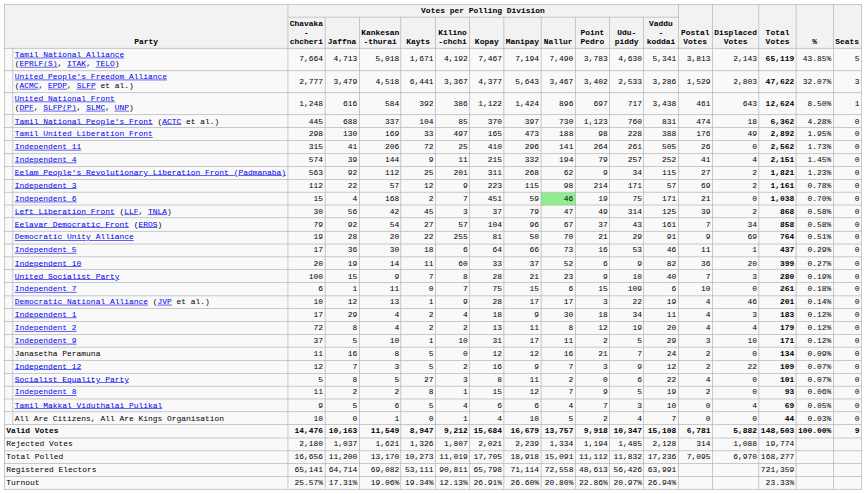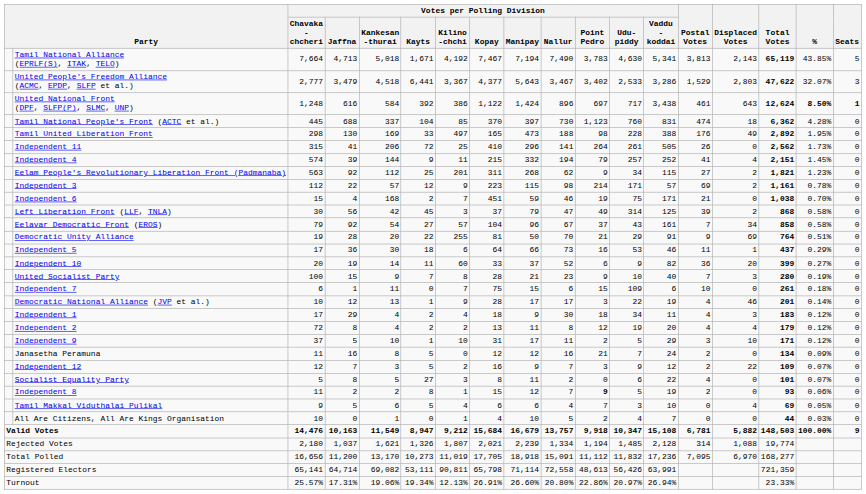 <table class="wikitable" border="1" style="text-align:right;">
 <tr>
 <th align=left valign=bottom rowspan=2 colspan=2>Party</th>
 <th colspan=11>Votes per Polling Division</th>
 <th align=center valign=bottom rowspan=2 width="50">Postal<br>Votes</th>
 <th align=center valign=bottom rowspan=2 width="50">Displaced<br>Votes</th>
 <th align=center valign=bottom rowspan=2 width="50">Total Votes</th>
 <th align=center valign=bottom rowspan=2 width="50">%</th>
 <th align=center valign=bottom rowspan=2 width="40">Seats</th>
 </tr>
 <tr>
 <th align=center valign=bottom width="50">Chavaka<br>-chcheri</th>
 <th align=center valign=bottom width="50">Jaffna</th>
 <th align=center valign=bottom width="50">Kankesan<br>-thurai</th>
 <th align=center valign=bottom width="50">Kayts</th>
 <th align=center valign=bottom width="50">Kilino<br>-chchi</th>
 <th align=center valign=bottom width="50">Kopay</th>
 <th align=center valign=bottom width="50">Manipay</th>
 <th align=center valign=bottom width="50">Nallur</th>
 <th align=center valign=bottom width="50">Point<br>Pedro</th>
 <th align=center valign=bottom width="50">Udu-<br>piddy</th>
 <th align=center valign=bottom width="50">Vaddu<br>-koddai</th>
 </tr>
 <tr>
 <td bgcolor=> </td>
 <td align=left><a href='#'>Tamil National Alliance</a><br>(<a href='#'>EPRLF(S)</a>, <a href='#'>ITAK</a>, <a href='#'>TELO</a>)</td>
 <td>7,664</td>
 <td>4,713</td>
 <td>5,018</td>
 <td>1,671</td>
 <td>4,192</td>
 <td>7,467</td>
 <td>7,194</td>
 <td>7,490</td>
 <td>3,783</td>
 <td>4,630</td>
 <td>5,341</td>
 <td>3,813</td>
 <td>2,143</td>
 <td><strong>65,119</strong></td>
 <td>43.85%</td>
 <td>5</td>
 </tr>
 <tr>
 <td bgcolor=> </td>
 <td align=left><a href='#'>United People's Freedom Alliance</a><br>(<a href='#'>ACMC</a>, <a href='#'>EPDP</a>, <a href='#'>SLFP</a> et al.)</td>
 <td>2,777</td>
 <td>3,479</td>
 <td>4,518</td>
 <td>6,441</td>
 <td>3,367</td>
 <td>4,377</td>
 <td>5,643</td>
 <td>3,467</td>
 <td>3,402</td>
 <td>2,533</td>
 <td>3,286</td>
 <td>1,529</td>
 <td>2,803</td>
 <td><strong>47,622</strong></td>
 <td>32.07%</td>
 <td>3</td>
 </tr>
 <tr>
 <td bgcolor=> </td>
 <td align=left><a href='#'>United National Front</a><br>(<a href='#'>DPF</a>, <a href='#'>SLFP(P)</a>, <a href='#'>SLMC</a>, <a href='#'>UNP</a>)</td>
 <td>1,248</td>
 <td>616</td>
 <td>584</td>
 <td>392</td>
 <td>386</td>
 <td>1,122</td>
 <td>1,424</td>
 <td>896</td>
 <td>697</td>
 <td>717</td>
 <td>3,438</td>
 <td>461</td>
 <td>643</td>
 <td><strong>12,624</strong></td>
-<td>8.50%</td>
-<td>1</td>
+<td><strong>8.50%</strong></td>
+<td><strong>1</strong></td>
 </tr>
 <tr>
 <td></td>
 <td align=left><a href='#'>Tamil National People's Front</a> (<a href='#'>ACTC</a> et al.)</td>
 <td>445</td>
 <td>688</td>
 <td>337</td>
 <td>104</td>
 <td>85</td>
 <td>370</td>
 <td>397</td>
 <td>730</td>
 <td>1,123</td>
 <td>760</td>
 <td>831</td>
 <td>474</td>
 <td>18</td>
 <td><strong>6,362</strong></td>
 <td>4.28%</td>
 <td>0</td>
 </tr>
 <tr>
 <td bgcolor=> </td>
 <td align=left><a href='#'>Tamil United Liberation Front</a></td>
 <td>298</td>
 <td>130</td>
 <td>169</td>
 <td>33</td>
 <td>497</td>
 <td>165</td>
 <td>473</td>
 <td>188</td>
 <td>98</td>
 <td>228</td>
 <td>388</td>
 <td>176</td>
 <td>49</td>
 <td><strong>2,892</strong></td>
 <td>1.95%</td>
 <td>0</td>
 </tr>
 <tr>
 <td bgcolor=> </td>
 <td align=left><a href='#'>Independent 11</a></td>
 <td>315</td>
 <td>41</td>
 <td>206</td>
 <td>72</td>
 <td>25</td>
 <td>410</td>
 <td>296</td>
 <td>141</td>
 <td>264</td>
 <td>261</td>
 <td>505</td>
 <td>26</td>
 <td>0</td>
 <td><strong>2,562</strong></td>
 <td>1.73%</td>
 <td>0</td>
 </tr>
 <tr>
 <td bgcolor=> </td>
 <td align=left><a href='#'>Independent 4</a></td>
 <td>574</td>
 <td>39</td>
 <td>144</td>
 <td>9</td>
 <td>11</td>
 <td>215</td>
 <td>332</td>
 <td>194</td>
 <td>79</td>
 <td>257</td>
 <td>252</td>
 <td>41</td>
 <td>4</td>
 <td><strong>2,151</strong></td>
 <td>1.45%</td>
 <td>0</td>
 </tr>
 <tr>
 <td></td>
 <td align=left><a href='#'>Eelam People's Revolutionary Liberation Front (Padmanaba)</a></td>
 <td>563</td>
 <td>92</td>
 <td>112</td>
 <td>25</td>
 <td>201</td>
 <td>311</td>
 <td>268</td>
 <td>62</td>
 <td>9</td>
 <td>34</td>
 <td>115</td>
 <td>27</td>
 <td>2</td>
 <td><strong>1,821</strong></td>
 <td>1.23%</td>
 <td>0</td>
 </tr>
 <tr>
 <td bgcolor=> </td>
 <td align=left><a href='#'>Independent 3</a></td>
 <td>112</td>
 <td>22</td>
 <td>57</td>
 <td>12</td>
 <td>9</td>
 <td>223</td>
 <td>115</td>
 <td>98</td>
 <td>214</td>
 <td>171</td>
 <td>57</td>
 <td>69</td>
 <td>2</td>
 <td><strong>1,161</strong></td>
 <td>0.78%</td>
 <td>0</td>
 </tr>
 <tr>
 <td bgcolor=> </td>
 <td align=left><a href='#'>Independent 6</a></td>
 <td>15</td>
 <td>4</td>
 <td>168</td>
 <td>2</td>
 <td>7</td>
 <td>451</td>
 <td>59</td>
-<td style="background: lightgreen;">46</td>
+<td>46</td>
 <td>19</td>
 <td>75</td>
 <td>171</td>
 <td>21</td>
 <td>0</td>
 <td><strong>1,038</strong></td>
 <td>0.70%</td>
 <td>0</td>
 </tr>
 <tr>
 <td bgcolor=> </td>
 <td align=left><a href='#'>Left Liberation Front</a> (<a href='#'>LLF</a>, <a href='#'>TNLA</a>)</td>
 <td>30</td>
 <td>56</td>
 <td>42</td>
 <td>45</td>
 <td>3</td>
 <td>37</td>
 <td>79</td>
 <td>47</td>
 <td>49</td>
 <td>314</td>
 <td>125</td>
 <td>39</td>
 <td>2</td>
 <td><strong>868</strong></td>
 <td>0.58%</td>
 <td>0</td>
 </tr>
 <tr>
 <td bgcolor=> </td>
 <td align=left><a href='#'>Eelavar Democratic Front</a> (<a href='#'>EROS</a>)</td>
 <td>79</td>
 <td>92</td>
 <td>54</td>
 <td>27</td>
 <td>57</td>
 <td>104</td>
 <td>96</td>
 <td>67</td>
 <td>37</td>
 <td>43</td>
 <td>161</td>
 <td>7</td>
 <td>34</td>
 <td><strong>858</strong></td>
 <td>0.58%</td>
 <td>0</td>
 </tr>
 <tr>
 <td bgcolor=> </td>
 <td align=left><a href='#'>Democratic Unity Alliance</a></td>
 <td>19</td>
 <td>28</td>
 <td>20</td>
 <td>22</td>
 <td>255</td>
 <td>81</td>
 <td>50</td>
 <td>70</td>
 <td>21</td>
 <td>29</td>
 <td>91</td>
 <td>9</td>
 <td>69</td>
 <td><strong>764</strong></td>
 <td>0.51%</td>
 <td>0</td>
 </tr>
 <tr>
 <td bgcolor=> </td>
 <td align=left><a href='#'>Independent 5</a></td>
 <td>17</td>
 <td>36</td>
 <td>30</td>
 <td>18</td>
 <td>6</td>
 <td>64</td>
 <td>66</td>
 <td>73</td>
 <td>16</td>
 <td>53</td>
 <td>46</td>
 <td>11</td>
 <td>1</td>
 <td><strong>437</strong></td>
 <td>0.29%</td>
 <td>0</td>
 </tr>
 <tr>
 <td bgcolor=> </td>
 <td align=left><a href='#'>Independent 10</a></td>
 <td>20</td>
 <td>19</td>
 <td>14</td>
 <td>11</td>
 <td>60</td>
 <td>33</td>
 <td>37</td>
 <td>52</td>
 <td>6</td>
 <td>9</td>
 <td>82</td>
 <td>36</td>
 <td>20</td>
 <td><strong>399</strong></td>
 <td>0.27%</td>
 <td>0</td>
 </tr>
 <tr>
 <td bgcolor=> </td>
 <td align=left><a href='#'>United Socialist Party</a></td>
 <td>100</td>
 <td>15</td>
 <td>9</td>
 <td>7</td>
 <td>8</td>
 <td>28</td>
 <td>21</td>
 <td>23</td>
 <td>9</td>
 <td>10</td>
 <td>40</td>
 <td>7</td>
 <td>3</td>
 <td><strong>280</strong></td>
 <td>0.19%</td>
 <td>0</td>
 </tr>
 <tr>
 <td bgcolor=> </td>
 <td align=left><a href='#'>Independent 7</a></td>
 <td>6</td>
 <td>1</td>
 <td>11</td>
 <td>0</td>
 <td>7</td>
 <td>75</td>
 <td>15</td>
 <td>6</td>
 <td>15</td>
 <td>109</td>
 <td>6</td>
 <td>10</td>
 <td>0</td>
 <td><strong>261</strong></td>
 <td>0.18%</td>
 <td>0</td>
 </tr>
 <tr>
 <td bgcolor=> </td>
 <td align=left><a href='#'>Democratic National Alliance</a> (<a href='#'>JVP</a> et al.)</td>
 <td>10</td>
 <td>12</td>
 <td>13</td>
 <td>1</td>
 <td>9</td>
 <td>28</td>
 <td>17</td>
 <td>17</td>
 <td>3</td>
 <td>22</td>
 <td>19</td>
 <td>4</td>
 <td>46</td>
 <td><strong>201</strong></td>
 <td>0.14%</td>
 <td>0</td>
 </tr>
 <tr>
 <td bgcolor=> </td>
 <td align=left><a href='#'>Independent 1</a></td>
 <td>17</td>
 <td>29</td>
 <td>4</td>
 <td>2</td>
 <td>4</td>
 <td>18</td>
 <td>9</td>
 <td>30</td>
 <td>18</td>
 <td>34</td>
 <td>11</td>
 <td>4</td>
 <td>3</td>
 <td><strong>183</strong></td>
 <td>0.12%</td>
 <td>0</td>
 </tr>
 <tr>
 <td bgcolor=> </td>
 <td align=left><a href='#'>Independent 2</a></td>
 <td>72</td>
 <td>8</td>
 <td>4</td>
 <td>2</td>
 <td>2</td>
 <td>13</td>
 <td>11</td>
 <td>8</td>
 <td>12</td>
 <td>19</td>
 <td>20</td>
 <td>4</td>
 <td>4</td>
 <td><strong>179</strong></td>
 <td>0.12%</td>
 <td>0</td>
 </tr>
 <tr>
 <td bgcolor=> </td>
 <td align=left><a href='#'>Independent 9</a></td>
 <td>37</td>
 <td>5</td>
 <td>10</td>
 <td>1</td>
 <td>10</td>
 <td>31</td>
 <td>17</td>
 <td>11</td>
 <td>2</td>
 <td>5</td>
 <td>29</td>
 <td>3</td>
 <td>10</td>
 <td><strong>171</strong></td>
 <td>0.12%</td>
 <td>0</td>
 </tr>
 <tr>
 <td></td>
 <td align=left>Janasetha Peramuna</td>
 <td>11</td>
 <td>16</td>
 <td>8</td>
 <td>5</td>
 <td>0</td>
 <td>12</td>
 <td>12</td>
 <td>16</td>
 <td>21</td>
 <td>7</td>
 <td>24</td>
 <td>2</td>
 <td>0</td>
 <td><strong>134</strong></td>
 <td>0.09%</td>
 <td>0</td>
 </tr>
 <tr>
 <td bgcolor=> </td>
 <td align=left><a href='#'>Independent 12</a></td>
 <td>12</td>
 <td>7</td>
 <td>3</td>
 <td>5</td>
 <td>2</td>
 <td>16</td>
 <td>9</td>
 <td>7</td>
 <td>3</td>
 <td>9</td>
 <td>12</td>
 <td>2</td>
 <td>22</td>
 <td><strong>109</strong></td>
 <td>0.07%</td>
 <td>0</td>
 </tr>
 <tr>
 <td bgcolor=> </td>
 <td align=left><a href='#'>Socialist Equality Party</a></td>
 <td>5</td>
 <td>8</td>
 <td>5</td>
 <td>27</td>
 <td>3</td>
 <td>8</td>
 <td>11</td>
 <td>2</td>
 <td>0</td>
 <td>6</td>
 <td>22</td>
 <td>4</td>
 <td>0</td>
 <td><strong>101</strong></td>
 <td>0.07%</td>
 <td>0</td>
 </tr>
 <tr>
 <td bgcolor=> </td>
 <td align=left><a href='#'>Independent 8</a></td>
 <td>11</td>
 <td>2</td>
 <td>2</td>
 <td>8</td>
 <td>1</td>
 <td>15</td>
 <td>12</td>
 <td>7</td>
-<td>9</td>
+<td><strong>9</strong></td>
 <td>5</td>
 <td>19</td>
 <td>2</td>
 <td>0</td>
 <td><strong>93</strong></td>
 <td>0.06%</td>
 <td>0</td>
 </tr>
 <tr>
 <td></td>
 <td align=left><a href='#'>Tamil Makkal Viduthalai Pulikal</a></td>
 <td>9</td>
 <td>5</td>
 <td>6</td>
 <td>5</td>
 <td>4</td>
 <td>6</td>
 <td>6</td>
 <td>4</td>
 <td>7</td>
 <td>3</td>
 <td>10</td>
 <td>0</td>
 <td>4</td>
 <td><strong>69</strong></td>
 <td>0.05%</td>
 <td>0</td>
 </tr>
 <tr>
 <td></td>
 <td align=left>All Are Citizens, All Are Kings Organisation</td>
 <td>10</td>
 <td>0</td>
 <td>1</td>
 <td>0</td>
 <td>1</td>
 <td>4</td>
 <td>10</td>
 <td>5</td>
 <td>2</td>
 <td>4</td>
 <td>7</td>
 <td>0</td>
 <td>0</td>
 <td><strong>44</strong></td>
 <td>0.03%</td>
 <td>0</td>
 </tr>
 <tr>
 <td align=left colspan=2><strong>Valid Votes</strong></td>
 <td><strong>14,476</strong></td>
 <td><strong>10,163</strong></td>
 <td><strong>11,549</strong></td>
 <td><strong>8,947</strong></td>
 <td><strong>9,212</strong></td>
 <td><strong>15,684</strong></td>
 <td><strong>16,679</strong></td>
 <td><strong>13,757</strong></td>
 <td><strong>9,918</strong></td>
 <td><strong>10,347</strong></td>
 <td><strong>15,108</strong></td>
 <td><strong>6,781</strong></td>
 <td><strong>5,882</strong></td>
 <td><strong>148,503</strong></td>
 <td><strong>100.00%</strong></td>
 <td><strong>9</strong></td>
 </tr>
 <tr>
 <td align=left colspan=2>Rejected Votes</td>
 <td>2,180</td>
 <td>1,037</td>
 <td>1,621</td>
 <td>1,326</td>
 <td>1,807</td>
 <td>2,021</td>
 <td>2,239</td>
 <td>1,334</td>
 <td>1,194</td>
 <td>1,485</td>
 <td>2,128</td>
 <td>314</td>
 <td>1,088</td>
 <td>19,774</td>
 <td></td>
 <td></td>
 </tr>
 <tr>
 <td align=left colspan=2>Total Polled</td>
 <td>16,656</td>
 <td>11,200</td>
 <td>13,170</td>
 <td>10,273</td>
 <td>11,019</td>
 <td>17,705</td>
 <td>18,918</td>
 <td>15,091</td>
 <td>11,112</td>
 <td>11,832</td>
 <td>17,236</td>
 <td>7,095</td>
 <td>6,970</td>
 <td>168,277</td>
 <td></td>
 <td></td>
 </tr>
 <tr>
 <td align=left colspan=2>Registered Electors</td>
 <td>65,141</td>
 <td>64,714</td>
 <td>69,082</td>
 <td>53,111</td>
 <td>90,811</td>
 <td>65,798</td>
 <td>71,114</td>
 <td>72,558</td>
 <td>48,613</td>
 <td>56,426</td>
 <td>63,991</td>
 <td></td>
 <td></td>
 <td>721,359</td>
 <td></td>
 <td></td>
 </tr>
 <tr>
 <td align=left colspan=2>Turnout</td>
 <td>25.57%</td>
 <td>17.31%</td>
 <td>19.06%</td>
 <td>19.34%</td>
 <td>12.13%</td>
 <td>26.91%</td>
 <td>26.60%</td>
 <td>20.80%</td>
 <td>22.86%</td>
 <td>20.97%</td>
 <td>26.94%</td>
 <td></td>
 <td></td>
 <td>23.33%</td>
 <td></td>
 <td></td>
 </tr>
 </table>
